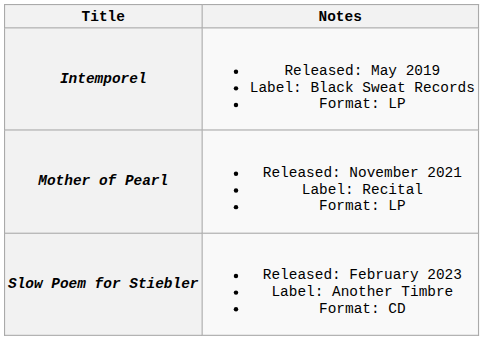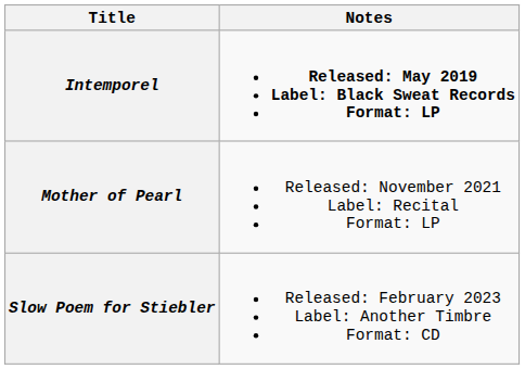 <table class="wikitable plainrowheaders" style="text-align:center;">
 <tr>
 <th scope="col">Title</th>
 <th scope="col">Notes</th>
 </tr>
 <tr>
 <th scope="row"><em>Intemporel</em><br></th>
-<td><br><ul><li>Released: May 2019</li><li>Label: Black Sweat Records</li><li>Format: LP</li></ul></td>
+<td><strong><br><ul><li>Released: May 2019</li><li>Label: Black Sweat Records</li><li>Format: LP</li></ul></strong></td>
 </tr>
 <tr>
 <th scope="row"><em>Mother of Pearl</em><br></th>
 <td><br><ul><li>Released: November 2021</li><li>Label: Recital</li><li>Format: LP</li></ul></td>
 </tr>
 <tr>
 <th scope="row"><em>Slow Poem for Stiebler</em><br></th>
 <td><br><ul><li>Released: February 2023</li><li>Label: Another Timbre</li><li>Format: CD</li></ul></td>
 </tr>
 </table>
